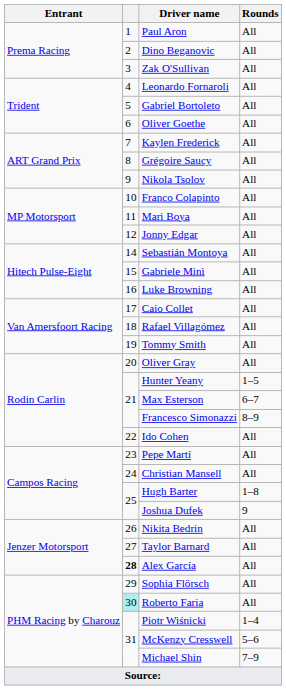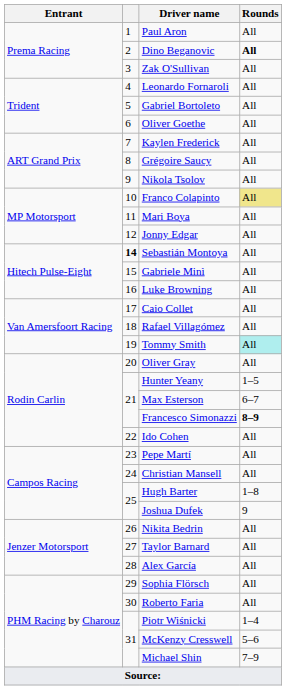 <table class="wikitable" style="font-size: 85%;">
 <tr>
 <th>Entrant</th>
 <th></th>
 <th>Driver name</th>
 <th>Rounds</th>
 </tr>
 <tr>
 <td rowspan="3"> <a href='#'>Prema Racing</a></td>
 <td>1</td>
 <td> <a href='#'>Paul Aron</a></td>
 <td>All</td>
 </tr>
 <tr>
 <td>2</td>
 <td> <a href='#'>Dino Beganovic</a></td>
-<td>All</td>
+<td><strong>All</strong></td>
 </tr>
 <tr>
 <td>3</td>
 <td> <a href='#'>Zak O'Sullivan</a></td>
 <td>All</td>
 </tr>
 <tr>
 <td rowspan="3"> <a href='#'>Trident</a></td>
 <td>4</td>
 <td> <a href='#'>Leonardo Fornaroli</a></td>
 <td>All</td>
 </tr>
 <tr>
 <td>5</td>
 <td> <a href='#'>Gabriel Bortoleto</a></td>
 <td>All</td>
 </tr>
 <tr>
 <td>6</td>
 <td> <a href='#'>Oliver Goethe</a></td>
 <td>All</td>
 </tr>
 <tr>
 <td rowspan="3"> <a href='#'>ART Grand Prix</a></td>
 <td>7</td>
 <td> <a href='#'>Kaylen Frederick</a></td>
 <td>All</td>
 </tr>
 <tr>
 <td>8</td>
 <td> <a href='#'>Grégoire Saucy</a></td>
 <td>All</td>
 </tr>
 <tr>
 <td>9</td>
 <td> <a href='#'>Nikola Tsolov</a></td>
 <td>All</td>
 </tr>
 <tr>
 <td rowspan="3"> <a href='#'>MP Motorsport</a></td>
 <td>10</td>
 <td> <a href='#'>Franco Colapinto</a></td>
-<td>All</td>
+<td style="background: khaki;">All</td>
 </tr>
 <tr>
 <td>11</td>
 <td> <a href='#'>Mari Boya</a></td>
 <td>All</td>
 </tr>
 <tr>
 <td>12</td>
 <td> <a href='#'>Jonny Edgar</a></td>
 <td>All</td>
 </tr>
 <tr>
 <td rowspan="3"> <a href='#'>Hitech Pulse-Eight</a></td>
-<td>14</td>
+<td><strong>14</strong></td>
 <td> <a href='#'>Sebastián Montoya</a></td>
 <td>All</td>
 </tr>
 <tr>
 <td>15</td>
 <td> <a href='#'>Gabriele Minì</a></td>
 <td>All</td>
 </tr>
 <tr>
 <td>16</td>
 <td> <a href='#'>Luke Browning</a></td>
 <td>All</td>
 </tr>
 <tr>
 <td rowspan="3"> <a href='#'>Van Amersfoort Racing</a></td>
 <td>17</td>
 <td> <a href='#'>Caio Collet</a></td>
 <td>All</td>
 </tr>
 <tr>
 <td>18</td>
 <td> <a href='#'>Rafael Villagómez</a></td>
 <td>All</td>
 </tr>
 <tr>
 <td>19</td>
 <td> <a href='#'>Tommy Smith</a></td>
-<td>All</td>
+<td style="background: paleturquoise;">All</td>
 </tr>
 <tr>
 <td rowspan="5"> <a href='#'>Rodin Carlin</a></td>
 <td>20</td>
 <td> <a href='#'>Oliver Gray</a></td>
 <td>All</td>
 </tr>
 <tr>
 <td rowspan="3">21</td>
 <td> <a href='#'>Hunter Yeany</a></td>
 <td>1–5</td>
 </tr>
 <tr>
 <td> <a href='#'>Max Esterson</a></td>
 <td>6–7</td>
 </tr>
 <tr>
 <td nowrap> <a href='#'>Francesco Simonazzi</a></td>
-<td>8–9</td>
+<td><strong>8–9</strong></td>
 </tr>
 <tr>
 <td>22</td>
 <td> <a href='#'>Ido Cohen</a></td>
 <td>All</td>
 </tr>
 <tr>
 <td rowspan="4"> <a href='#'>Campos Racing</a></td>
 <td>23</td>
 <td> <a href='#'>Pepe Martí</a></td>
 <td>All</td>
 </tr>
 <tr>
 <td>24</td>
 <td> <a href='#'>Christian Mansell</a></td>
 <td>All</td>
 </tr>
 <tr>
 <td rowspan="2">25</td>
 <td> <a href='#'>Hugh Barter</a></td>
 <td>1–8</td>
 </tr>
 <tr>
 <td> <a href='#'>Joshua Dufek</a></td>
 <td>9</td>
 </tr>
 <tr>
 <td rowspan="3"> <a href='#'>Jenzer Motorsport</a></td>
 <td>26</td>
 <td> <a href='#'>Nikita Bedrin</a></td>
 <td>All</td>
 </tr>
 <tr>
 <td>27</td>
 <td> <a href='#'>Taylor Barnard</a></td>
 <td>All</td>
 </tr>
 <tr>
-<td><strong>28</strong></td>
+<td>28</td>
 <td> <a href='#'>Alex García</a></td>
 <td>All</td>
 </tr>
 <tr>
 <td rowspan="5" nowrap> <a href='#'>PHM Racing</a> by <a href='#'>Charouz</a></td>
 <td>29</td>
 <td> <a href='#'>Sophia Flörsch</a></td>
 <td>All</td>
 </tr>
 <tr>
-<td style="background: paleturquoise;">30</td>
+<td>30</td>
 <td> <a href='#'>Roberto Faria</a></td>
 <td>All</td>
 </tr>
 <tr>
 <td rowspan="3">31</td>
 <td> <a href='#'>Piotr Wiśnicki</a></td>
 <td>1–4</td>
 </tr>
 <tr>
 <td> <a href='#'>McKenzy Cresswell</a></td>
 <td>5–6</td>
 </tr>
 <tr>
 <td> <a href='#'>Michael Shin</a></td>
 <td>7–9</td>
 </tr>
 <tr>
 <td colspan="4" style="background-color:#EAECF0; text-align:center"><strong>Source:</strong></td>
 </tr>
 </table>
